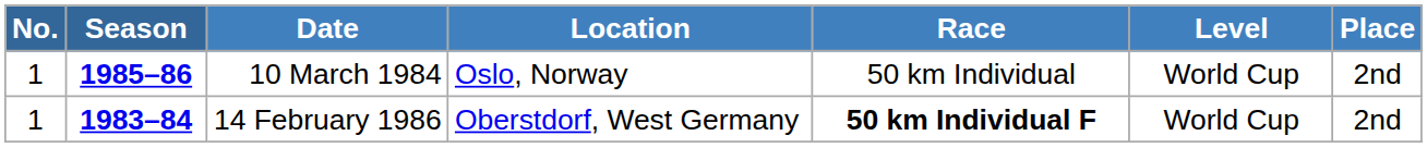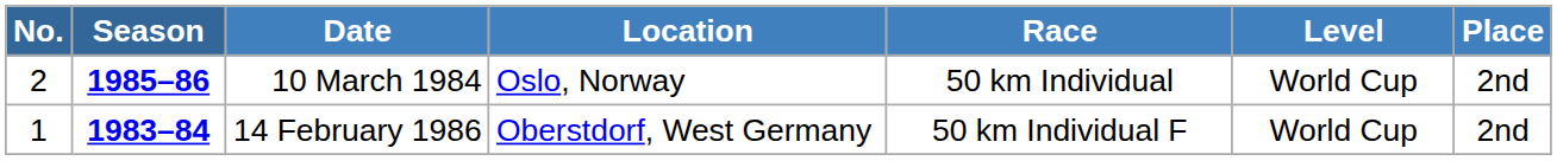 <table class="wikitable sortable" style="font-size:95%; text-align:center; border:grey solid 1px; border-collapse:collapse; background:#ffffff;">
 <tr style="background:#efefef;">
 <th style="background-color:#369; color:white;">No.</th>
 <th style="background-color:#369; color:white;">Season</th>
 <th style="background-color:#4180be; color:white; width:120px;">Date</th>
 <th style="background-color:#4180be; color:white; width:185px;">Location</th>
 <th style="background-color:#4180be; color:white; width:160px;">Race</th>
 <th style="background-color:#4180be; color:white; width:100px;">Level</th>
 <th style="background-color:#4180be; color:white;">Place</th>
 </tr>
 <tr>
-<td align=center>1</td>
+<td align=center>2</td>
 <td rowspan=1 align=center><strong> <a href='#'>1985–86</a> </strong></td>
 <td align=right>10 March 1984</td>
 <td align=left> <a href='#'>Oslo</a>, Norway</td>
 <td>50 km Individual</td>
 <td>World Cup</td>
 <td>2nd</td>
 </tr>
 <tr>
 <td align=center>1</td>
 <td rowspan=1 align=center><strong> <a href='#'>1983–84</a> </strong></td>
 <td align=right>14 February 1986</td>
 <td align=left> <a href='#'>Oberstdorf</a>, West Germany</td>
-<td><strong>50 km Individual F</strong></td>
+<td>50 km Individual F</td>
 <td>World Cup</td>
 <td>2nd</td>
 </tr>
 </table>
